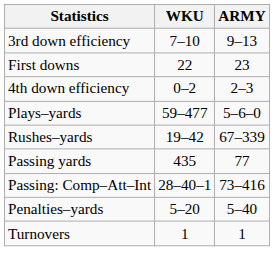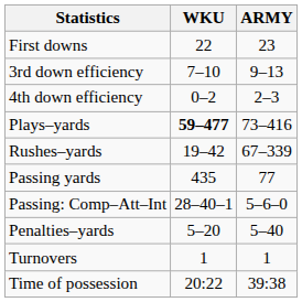 <table class="wikitable">
 <tr>
 <th>Statistics</th>
 <th>WKU</th>
 <th>ARMY</th>
 </tr>
 <tr>
+<td>First downs</td>
+<td align=center>22</td>
+<td align=center>23</td>
+</tr>
+<tr>
 <td>3rd down efficiency</td>
 <td align=center>7–10</td>
 <td align=center>9–13</td>
-</tr>
-<tr>
-<td>First downs</td>
-<td align=center>22</td>
-<td align=center>23</td>
 </tr>
 <tr>
 <td>4th down efficiency</td>
 <td align=center>0–2</td>
 <td align=center>2–3</td>
 </tr>
 <tr>
 <td>Plays–yards</td>
-<td align=center>59–477</td>
-<td align=center>5–6–0</td>
+<td align=center><strong>59–477</strong></td>
+<td align=center>73–416</td>
 </tr>
 <tr>
 <td>Rushes–yards</td>
 <td align=center>19–42</td>
 <td align=center>67–339</td>
 </tr>
 <tr>
 <td>Passing yards</td>
 <td align=center>435</td>
 <td align=center>77</td>
 </tr>
 <tr>
 <td>Passing: Comp–Att–Int</td>
 <td align=center>28–40–1</td>
-<td align=center>73–416</td>
+<td align=center>5–6–0</td>
 </tr>
 <tr>
 <td>Penalties–yards</td>
 <td align=center>5–20</td>
 <td align=center>5–40</td>
 </tr>
 <tr>
 <td>Turnovers</td>
 <td align=center>1</td>
 <td align=center>1</td>
 </tr>
+<tr>
+<td>Time of possession</td>
+<td align=center>20:22</td>
+<td align=center>39:38</td>
+</tr>
 </table>
